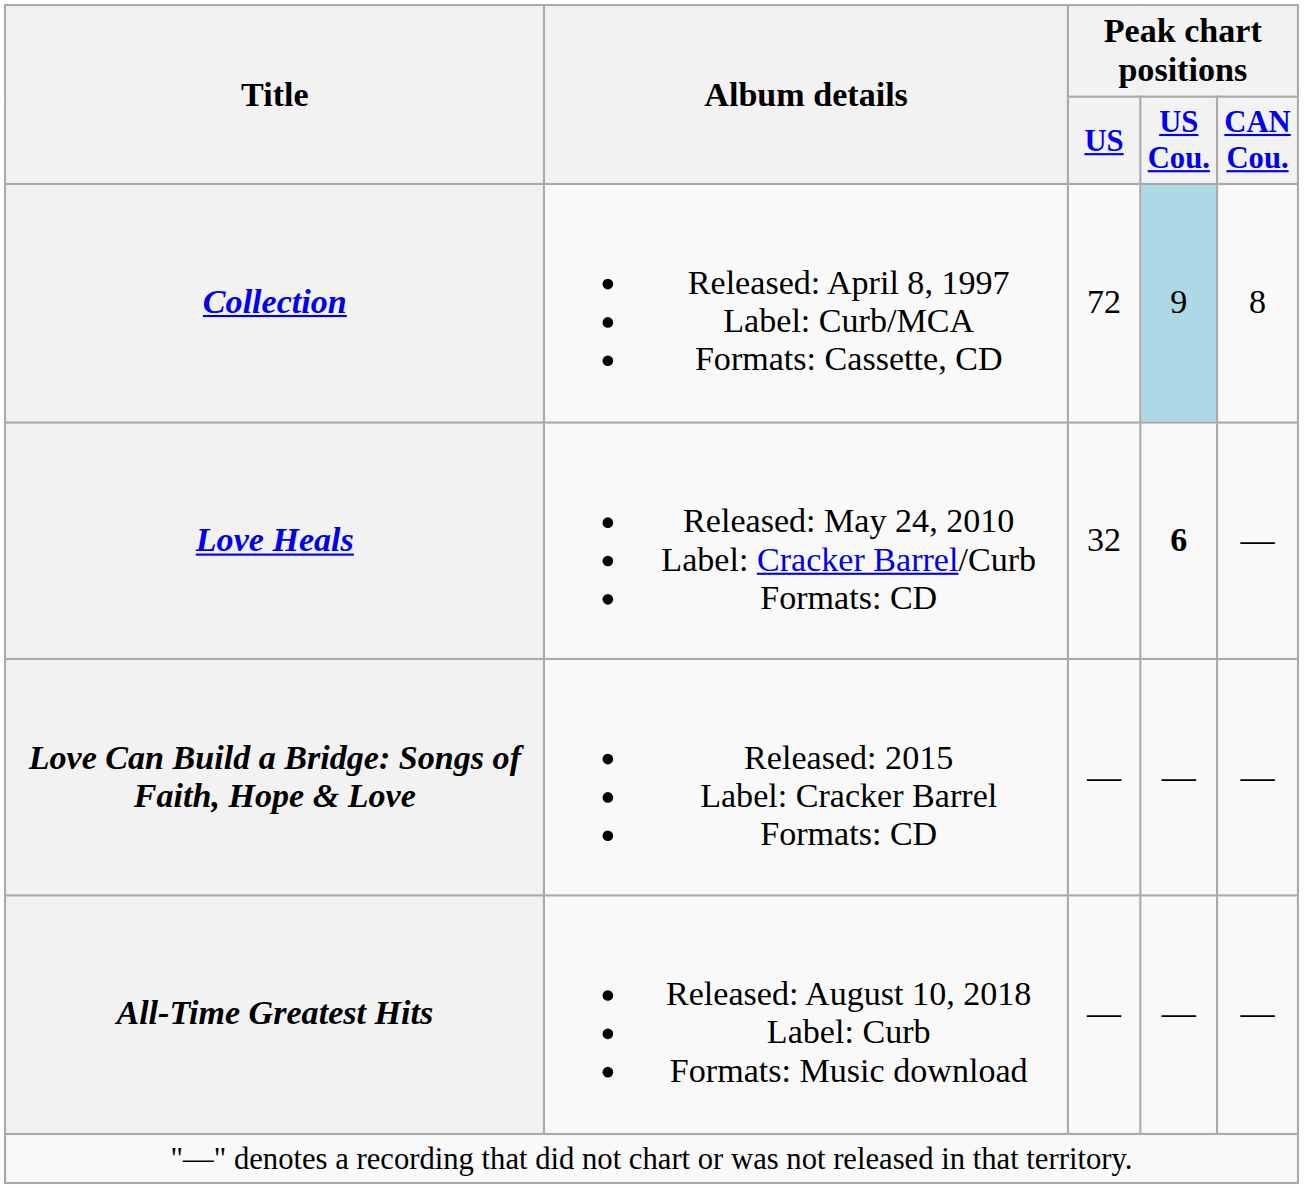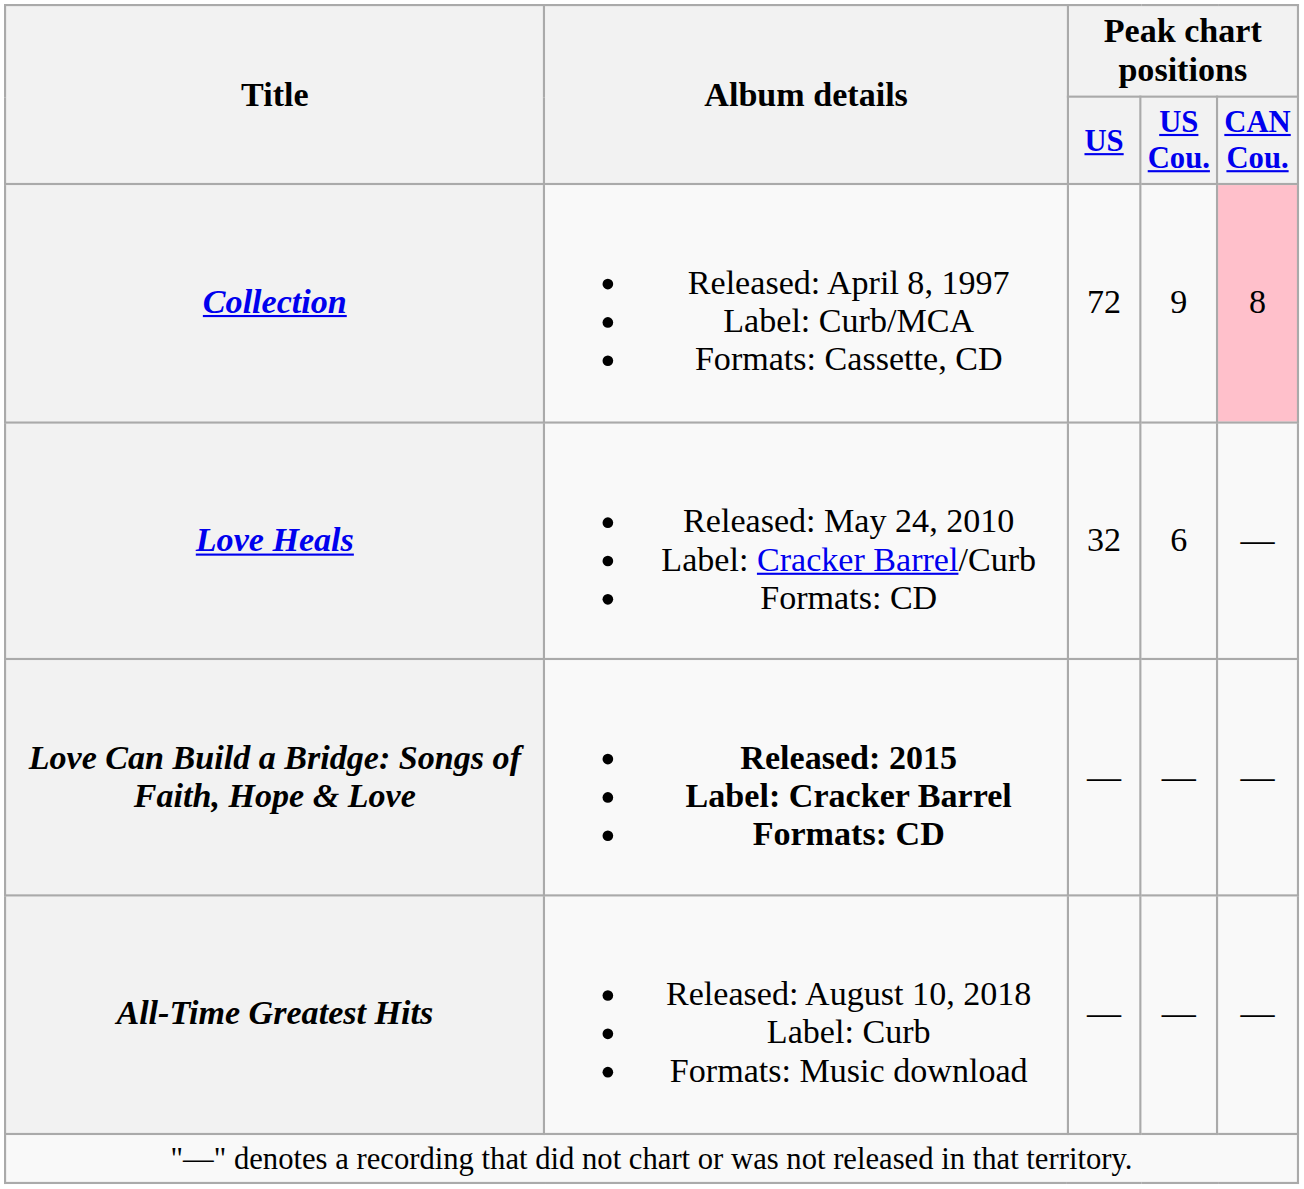 <table class="wikitable plainrowheaders" style="text-align:center;" border="1">
 <tr>
 <th scope="col" rowspan="2" style="width:17em;">Title</th>
 <th scope="col" rowspan="2" style="width:16em;">Album details</th>
 <th scope="col" colspan="3">Peak chart<br>positions</th>
 </tr>
 <tr>
 <th scope="col" style="width:2em;font-size:90%;"><a href='#'>US</a><br></th>
 <th scope="col" style="width:2em;font-size:90%;"><a href='#'>US<br>Cou.</a><br></th>
 <th scope="col" style="width:2em;font-size:90%;"><a href='#'>CAN<br>Cou.</a><br></th>
 </tr>
 <tr>
 <th scope="row"><em><a href='#'>Collection</a></em></th>
 <td><br><ul><li>Released: April 8, 1997</li><li>Label: Curb/MCA</li><li>Formats: Cassette, CD</li></ul></td>
 <td>72</td>
-<td style="background: lightblue;">9</td>
-<td>8</td>
+<td>9</td>
+<td style="background: pink;">8</td>
 </tr>
 <tr>
 <th scope="row"><em><a href='#'>Love Heals</a></em></th>
 <td><br><ul><li>Released: May 24, 2010</li><li>Label: <a href='#'>Cracker Barrel</a>/Curb</li><li>Formats: CD</li></ul></td>
 <td>32</td>
-<td><strong>6</strong></td>
+<td>6</td>
 <td>—</td>
 </tr>
 <tr>
 <th scope="row"><em>Love Can Build a Bridge: Songs of<br>Faith, Hope & Love</em></th>
-<td><br><ul><li>Released: 2015</li><li>Label: Cracker Barrel</li><li>Formats: CD</li></ul></td>
+<td><strong><br><ul><li>Released: 2015</li><li>Label: Cracker Barrel</li><li>Formats: CD</li></ul></strong></td>
 <td>—</td>
 <td>—</td>
 <td>—</td>
 </tr>
 <tr>
 <th scope="row"><em>All-Time Greatest Hits</em></th>
 <td><br><ul><li>Released: August 10, 2018</li><li>Label: Curb</li><li>Formats: Music download</li></ul></td>
 <td>—</td>
 <td>—</td>
 <td>—</td>
 </tr>
 <tr>
 <td colspan="5" style="font-size:90%">"—" denotes a recording that did not chart or was not released in that territory.</td>
 </tr>
 </table>
